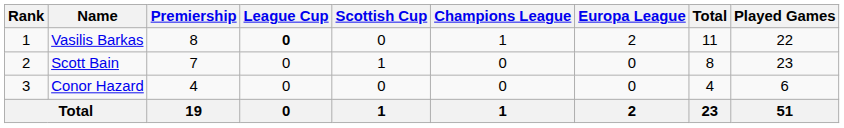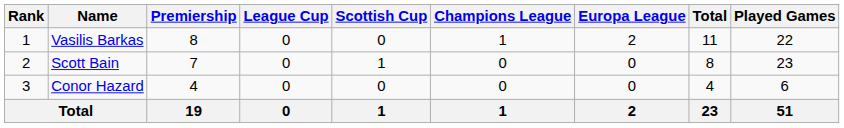 <table class="wikitable sortable" style="text-align: center;">
 <tr>
 <th>Rank</th>
 <th>Name</th>
 <th><a href='#'>Premiership</a></th>
 <th><a href='#'>League Cup</a></th>
 <th><a href='#'>Scottish Cup</a></th>
 <th><a href='#'>Champions League</a></th>
 <th><a href='#'>Europa League</a></th>
 <th>Total</th>
 <th>Played Games</th>
 </tr>
 <tr>
 <td align=center rowspan=1>1</td>
 <td align=left> <a href='#'>Vasilis Barkas</a></td>
 <td>8</td>
-<td><strong>0</strong></td>
+<td>0</td>
 <td>0</td>
 <td>1</td>
 <td>2</td>
 <td>11</td>
 <td>22</td>
 </tr>
 <tr>
 <td align=center rowspan=1>2</td>
 <td align=left> <a href='#'>Scott Bain</a></td>
 <td>7</td>
 <td>0</td>
 <td>1</td>
 <td>0</td>
 <td>0</td>
 <td>8</td>
 <td>23</td>
 </tr>
 <tr>
 <td align=center rowspan=1>3</td>
 <td align=left> <a href='#'>Conor Hazard</a></td>
 <td>4</td>
 <td>0</td>
 <td>0</td>
 <td>0</td>
 <td>0</td>
 <td>4</td>
 <td>6</td>
 </tr>
 <tr>
 <th colspan=2>Total</th>
 <th>19</th>
 <th>0</th>
 <th>1</th>
 <th>1</th>
 <th>2</th>
 <th>23</th>
 <th>51</th>
 </tr>
 </table>
